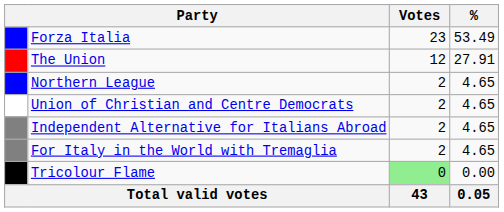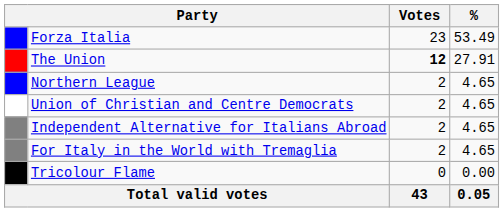 <table class="wikitable">
 <tr>
 <th colspan="2" style="width: 130px">Party</th>
 <th style="width: 50px">Votes</th>
 <th style="width: 40px">%</th>
 </tr>
 <tr>
 <td style="background-color:blue">  </td>
 <td style="text-align: left"><a href='#'>Forza Italia</a></td>
 <td style="text-align: right">23</td>
 <td style="text-align: right">53.49</td>
 </tr>
 <tr>
 <td style="background-color:red">  </td>
 <td style="text-align: left"><a href='#'>The Union</a></td>
-<td style="text-align: right">12</td>
+<td style="text-align: right"><strong>12</strong></td>
 <td style="text-align: right">27.91</td>
 </tr>
 <tr>
 <td style="background-color:blue">  </td>
 <td style="text-align: left"><a href='#'>Northern League</a></td>
 <td align="right">2</td>
 <td align="right">4.65</td>
 </tr>
 <tr>
 <td style="background-color:white">  </td>
 <td style="text-align: left"><a href='#'>Union of Christian and Centre Democrats</a></td>
 <td align="right">2</td>
 <td align="right">4.65</td>
 </tr>
 <tr>
 <td style="background-color:grey">  </td>
 <td style="text-align: left"><a href='#'>Independent Alternative for Italians Abroad</a></td>
 <td align="right">2</td>
 <td align="right">4.65</td>
 </tr>
 <tr>
 <td style="background-color:grey">  </td>
 <td style="text-align: left"><a href='#'>For Italy in the World with Tremaglia</a></td>
 <td align="right">2</td>
 <td align="right">4.65</td>
 </tr>
 <tr>
 <td style="background-color:black">  </td>
 <td style="text-align: left"><a href='#'>Tricolour Flame</a></td>
-<td align="right" style="background: lightgreen;">0</td>
+<td align="right">0</td>
 <td align="right">0.00</td>
 </tr>
 <tr bgcolor="white">
 <th align="right" colspan=2>Total valid votes</th>
 <th align="right">43</th>
 <th align="right">0.05</th>
 </tr>
 </table>
